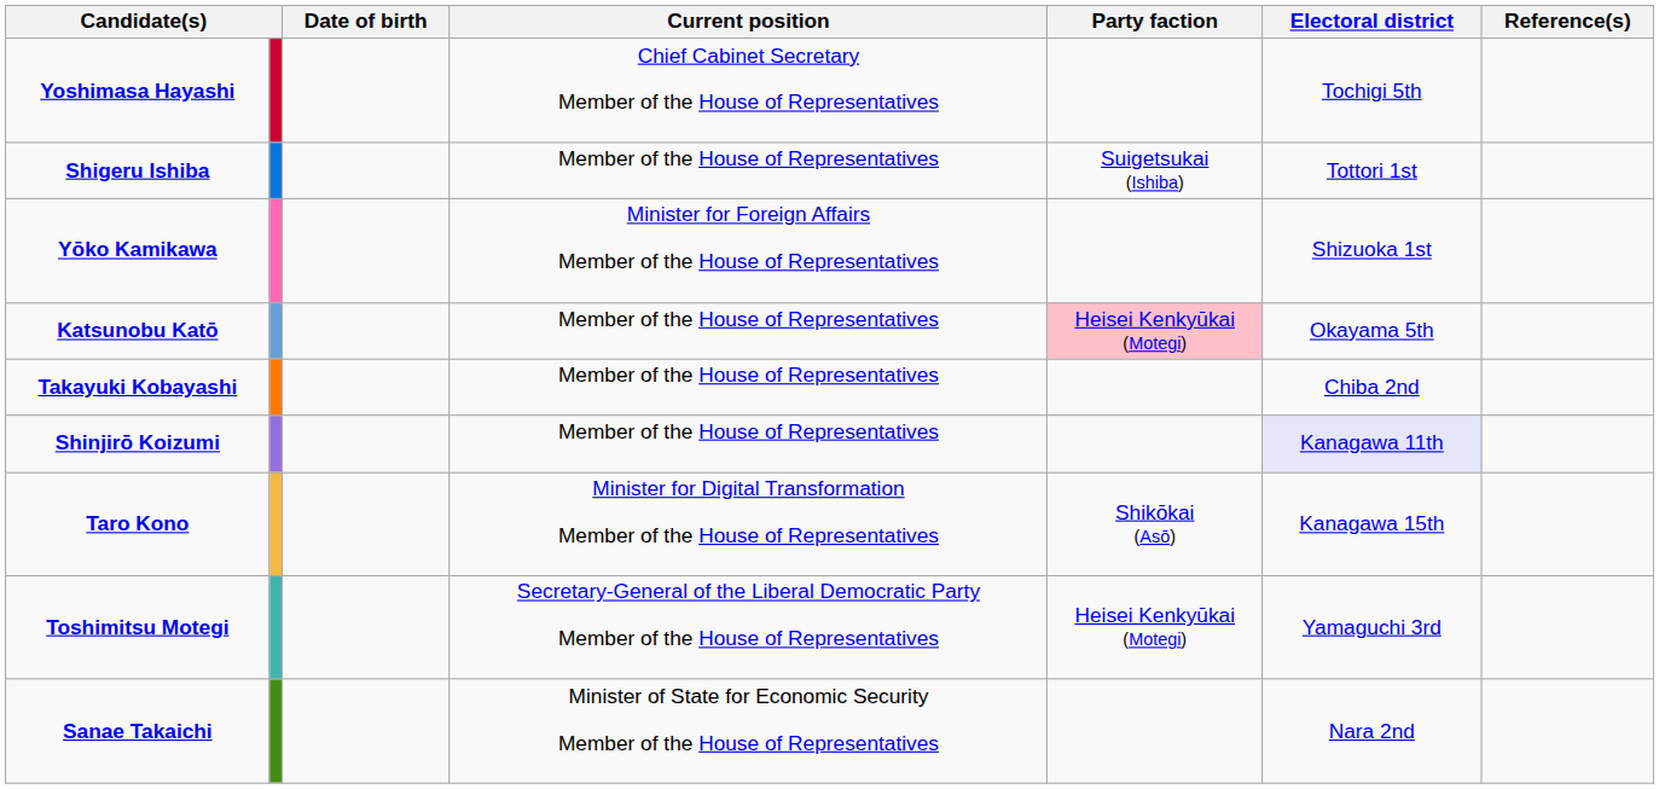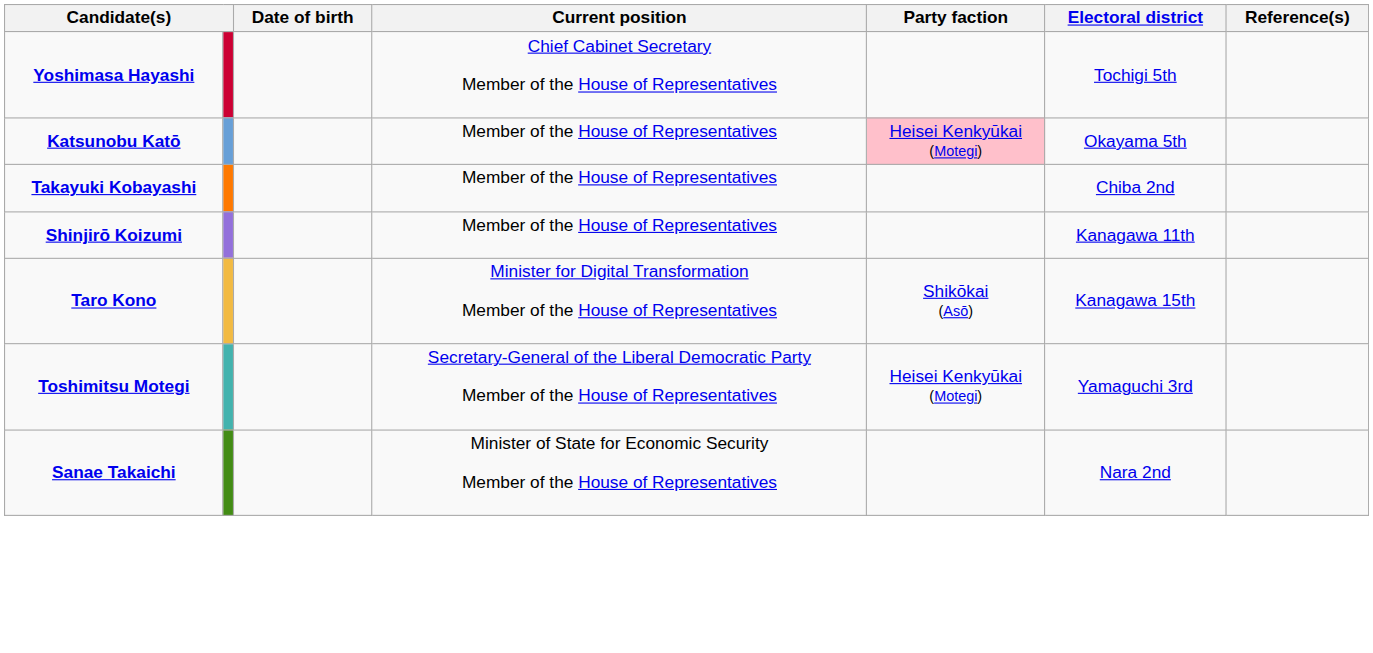 <table class="wikitable sortable" style="text-align:center;width:100%">
 <tr>
 <th colspan="2" style="width:110px;">Candidate(s)</th>
 <th>Date of birth</th>
 <th class="unsortable">Current position</th>
 <th>Party faction</th>
 <th><a href='#'>Electoral district</a></th>
 <th class="unsortable">Reference(s)</th>
 </tr>
 <tr>
 <td> <strong><a href='#'>Yoshimasa Hayashi</a></strong></td>
 <td style="background:#CC0033"></td>
 <td><br></td>
 <td><a href='#'>Chief Cabinet Secretary</a><br><br> Member of the <a href='#'>House of Representatives</a><br><br></td>
 <td></td>
 <td> <a href='#'>Tochigi 5th</a></td>
-<td></td>
-</tr>
-<tr>
-<td> <strong><a href='#'>Shigeru Ishiba</a></strong></td>
-<td style="background:#0b75d9"></td>
-<td><br></td>
-<td>Member of the <a href='#'>House of Representatives</a><br><br></td>
-<td><a href='#'>Suigetsukai</a><br><small> (<a href='#'>Ishiba</a>) </small></td>
-<td> <a href='#'>Tottori 1st</a></td>
-<td></td>
-</tr>
-<tr>
-<td> <strong><a href='#'>Yōko Kamikawa</a></strong></td>
-<td style="background:#FF69B4"></td>
-<td><br></td>
-<td><a href='#'>Minister for Foreign Affairs</a><br><br>Member of the <a href='#'>House of Representatives</a><br><br></td>
-<td></td>
-<td> <a href='#'>Shizuoka 1st</a></td>
 <td></td>
 </tr>
 <tr>
 <td> <strong><a href='#'>Katsunobu Katō</a></strong></td>
 <td style="background:#679fd7"></td>
 <td><br></td>
 <td>Member of the <a href='#'>House of Representatives</a><br><br></td>
 <td style="background: pink;"><a href='#'>Heisei Kenkyūkai</a><br><small> (<a href='#'>Motegi</a>) </small></td>
 <td> <a href='#'>Okayama 5th</a></td>
 <td></td>
 </tr>
 <tr>
 <td> <strong><a href='#'>Takayuki Kobayashi</a></strong></td>
 <td style="background:#FF7900"></td>
 <td><br></td>
 <td>Member of the <a href='#'>House of Representatives</a><br><br></td>
 <td></td>
 <td> <a href='#'>Chiba 2nd</a></td>
 <td></td>
 </tr>
 <tr>
 <td><strong><a href='#'>Shinjirō Koizumi</a></strong></td>
 <td style="background:#9370DB"></td>
 <td><br></td>
 <td>Member of the <a href='#'>House of Representatives</a><br><br></td>
 <td></td>
-<td style="background: lavender;"> <a href='#'>Kanagawa 11th</a></td>
+<td> <a href='#'>Kanagawa 11th</a></td>
 <td></td>
 </tr>
 <tr>
 <td> <strong><a href='#'>Taro Kono</a></strong></td>
 <td style="background:#F2BA42"></td>
 <td><br></td>
 <td><a href='#'>Minister for Digital Transformation</a><br><br> Member of the <a href='#'>House of Representatives</a><br><br></td>
 <td><a href='#'>Shikōkai</a><br><small> (<a href='#'>Asō</a>) </small></td>
 <td> <a href='#'>Kanagawa 15th</a></td>
 <td></td>
 </tr>
 <tr>
 <td> <strong><a href='#'>Toshimitsu Motegi</a></strong></td>
 <td style="background:#43b3ae"></td>
 <td><br></td>
 <td><a href='#'>Secretary-General of the Liberal Democratic Party</a><br><br> Member of the <a href='#'>House of Representatives</a><br><br></td>
 <td><a href='#'>Heisei Kenkyūkai</a><br><small> (<a href='#'>Motegi</a>) </small></td>
 <td> <a href='#'>Yamaguchi 3rd</a></td>
 <td></td>
 </tr>
 <tr>
 <td> <strong><a href='#'>Sanae Takaichi</a></strong></td>
 <td style="background:#438C15"></td>
 <td><br></td>
 <td>Minister of State for Economic Security<br><br>Member of the <a href='#'>House of Representatives</a><br><br></td>
 <td></td>
 <td> <a href='#'>Nara 2nd</a></td>
 <td></td>
 </tr>
 </table>
